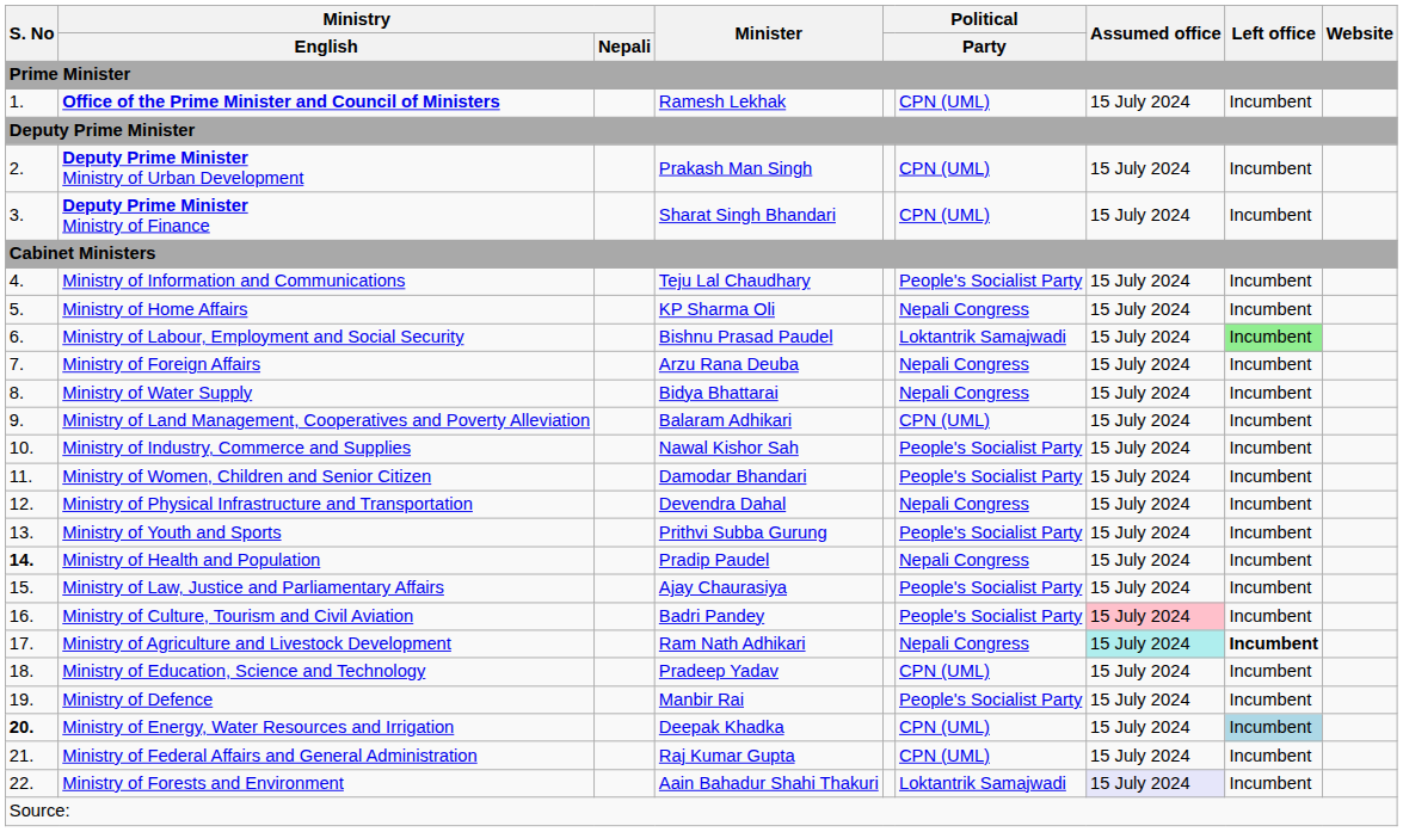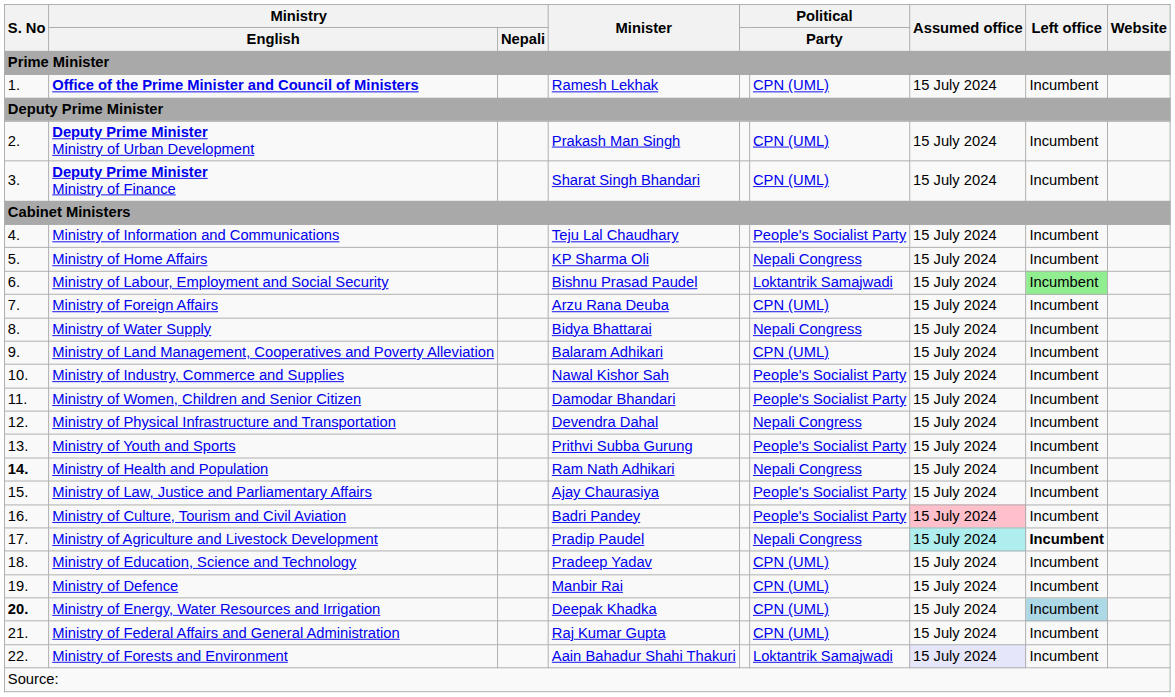 <table class="wikitable mw-collapsible">
 <tr>
 <th rowspan=2>S. No</th>
 <th colspan=2>Ministry</th>
 <th rowspan=2>Minister</th>
 <th colspan="2">Political</th>
 <th rowspan=2>Assumed office</th>
 <th rowspan=2>Left office</th>
 <th rowspan=2>Website</th>
 </tr>
 <tr>
 <th>English</th>
 <th>Nepali</th>
 <th colspan=2>Party</th>
 </tr>
 <tr>
 <td colspan="9" bgcolor="darkgrey"><strong>Prime Minister</strong></td>
 </tr>
 <tr>
 <td>1.</td>
 <td><strong><a href='#'>Office of the Prime Minister and Council of Ministers</a></strong></td>
 <td></td>
 <td><a href='#'>Ramesh Lekhak</a></td>
 <td width="4px"></td>
 <td><a href='#'>CPN (UML)</a></td>
 <td>15 July 2024</td>
 <td>Incumbent</td>
 <td></td>
 </tr>
 <tr>
 <td colspan="9" bgcolor="darkgrey"><strong>Deputy Prime Minister</strong></td>
 </tr>
 <tr>
 <td>2.</td>
 <td><strong><a href='#'>Deputy Prime Minister</a></strong><br><a href='#'>Ministry of Urban Development</a></td>
 <td></td>
 <td><a href='#'>Prakash Man Singh</a></td>
 <td width="4px"></td>
 <td><a href='#'>CPN (UML)</a></td>
 <td>15 July 2024</td>
 <td>Incumbent</td>
 <td></td>
 </tr>
 <tr>
 <td>3.</td>
 <td><strong><a href='#'>Deputy Prime Minister</a></strong><br><a href='#'>Ministry of Finance</a></td>
 <td></td>
 <td><a href='#'>Sharat Singh Bhandari</a></td>
 <td width="4px"></td>
 <td><a href='#'>CPN (UML)</a></td>
 <td>15 July 2024</td>
 <td>Incumbent</td>
 <td></td>
 </tr>
 <tr>
 <td colspan="9" bgcolor="darkgrey"><strong>Cabinet Ministers</strong></td>
 </tr>
 <tr>
 <td>4.</td>
 <td><a href='#'>Ministry of Information and Communications</a></td>
 <td></td>
 <td><a href='#'>Teju Lal Chaudhary</a></td>
 <td width="4px"></td>
 <td><a href='#'>People's Socialist Party</a></td>
 <td>15 July 2024</td>
 <td>Incumbent</td>
 <td></td>
 </tr>
 <tr>
 <td>5.</td>
 <td><a href='#'>Ministry of Home Affairs</a></td>
 <td></td>
 <td><a href='#'>KP Sharma Oli</a></td>
 <td width="4px"></td>
 <td><a href='#'>Nepali Congress</a></td>
 <td>15 July 2024</td>
 <td>Incumbent</td>
 <td></td>
 </tr>
 <tr>
 <td>6.</td>
 <td><a href='#'>Ministry of Labour, Employment and Social Security</a></td>
 <td></td>
 <td><a href='#'>Bishnu Prasad Paudel</a></td>
 <td width="4px"></td>
 <td><a href='#'>Loktantrik Samajwadi</a></td>
 <td>15 July 2024</td>
 <td style="background: lightgreen;">Incumbent</td>
 <td></td>
 </tr>
 <tr>
 <td>7.</td>
 <td><a href='#'>Ministry of Foreign Affairs</a></td>
 <td></td>
 <td><a href='#'>Arzu Rana Deuba</a></td>
 <td width="4px"></td>
-<td><a href='#'>Nepali Congress</a></td>
+<td><a href='#'>CPN (UML)</a></td>
 <td>15 July 2024</td>
 <td>Incumbent</td>
 <td></td>
 </tr>
 <tr>
 <td>8.</td>
 <td><a href='#'>Ministry of Water Supply</a></td>
 <td></td>
 <td><a href='#'>Bidya Bhattarai</a></td>
 <td></td>
 <td><a href='#'>Nepali Congress</a></td>
 <td>15 July 2024</td>
 <td>Incumbent</td>
 <td></td>
 </tr>
 <tr>
 <td>9.</td>
 <td><a href='#'>Ministry of Land Management, Cooperatives and Poverty Alleviation</a></td>
 <td></td>
 <td><a href='#'>Balaram Adhikari</a></td>
 <td width="4px"></td>
 <td><a href='#'>CPN (UML)</a></td>
 <td>15 July 2024</td>
 <td>Incumbent</td>
 <td></td>
 </tr>
 <tr>
 <td>10.</td>
 <td><a href='#'>Ministry of Industry, Commerce and Supplies</a></td>
 <td></td>
 <td><a href='#'>Nawal Kishor Sah</a></td>
 <td width="4px"></td>
 <td><a href='#'>People's Socialist Party</a></td>
 <td>15 July 2024</td>
 <td>Incumbent</td>
 <td></td>
 </tr>
 <tr>
 <td>11.</td>
 <td><a href='#'>Ministry of Women, Children and Senior Citizen</a></td>
 <td></td>
 <td><a href='#'>Damodar Bhandari</a></td>
 <td></td>
 <td><a href='#'>People's Socialist Party</a></td>
 <td>15 July 2024</td>
 <td>Incumbent</td>
 <td></td>
 </tr>
 <tr>
 <td>12.</td>
 <td><a href='#'>Ministry of Physical Infrastructure and Transportation</a></td>
 <td></td>
 <td><a href='#'>Devendra Dahal</a></td>
 <td width="4px"></td>
 <td><a href='#'>Nepali Congress</a></td>
 <td>15 July 2024</td>
 <td>Incumbent</td>
 <td></td>
 </tr>
 <tr>
 <td>13.</td>
 <td><a href='#'>Ministry of Youth and Sports</a></td>
 <td></td>
 <td><a href='#'>Prithvi Subba Gurung</a></td>
 <td width="4px"></td>
 <td><a href='#'>People's Socialist Party</a></td>
 <td>15 July 2024</td>
 <td>Incumbent</td>
 <td></td>
 </tr>
 <tr>
 <td><strong>14.</strong></td>
 <td><a href='#'>Ministry of Health and Population</a></td>
 <td></td>
-<td><a href='#'>Pradip Paudel</a></td>
+<td><a href='#'>Ram Nath Adhikari</a></td>
 <td width="4px"></td>
 <td><a href='#'>Nepali Congress</a></td>
 <td>15 July 2024</td>
 <td>Incumbent</td>
 <td></td>
 </tr>
 <tr>
 <td>15.</td>
 <td><a href='#'>Ministry of Law, Justice and Parliamentary Affairs</a></td>
 <td></td>
 <td><a href='#'>Ajay Chaurasiya</a></td>
 <td width="4px"></td>
 <td><a href='#'>People's Socialist Party</a></td>
 <td>15 July 2024</td>
 <td>Incumbent</td>
 <td></td>
 </tr>
 <tr>
 <td>16.</td>
 <td><a href='#'>Ministry of Culture, Tourism and Civil Aviation</a></td>
 <td></td>
 <td><a href='#'>Badri Pandey</a></td>
 <td width="4px"></td>
 <td><a href='#'>People's Socialist Party</a></td>
 <td style="background: pink;">15 July 2024</td>
 <td>Incumbent</td>
 <td></td>
 </tr>
 <tr>
 <td>17.</td>
 <td><a href='#'>Ministry of Agriculture and Livestock Development</a></td>
 <td></td>
-<td><a href='#'>Ram Nath Adhikari</a></td>
+<td><a href='#'>Pradip Paudel</a></td>
 <td width="4px"></td>
 <td><a href='#'>Nepali Congress</a></td>
 <td style="background: paleturquoise;">15 July 2024</td>
 <td><strong>Incumbent</strong></td>
 <td></td>
 </tr>
 <tr>
 <td>18.</td>
 <td><a href='#'>Ministry of Education, Science and Technology</a></td>
 <td></td>
 <td><a href='#'>Pradeep Yadav</a></td>
 <td width="4px"></td>
 <td><a href='#'>CPN (UML)</a></td>
 <td>15 July 2024</td>
 <td>Incumbent</td>
 <td></td>
 </tr>
 <tr>
 <td>19.</td>
 <td><a href='#'>Ministry of Defence</a></td>
 <td></td>
 <td><a href='#'>Manbir Rai</a></td>
 <td width="4px"></td>
-<td><a href='#'>People's Socialist Party</a></td>
+<td><a href='#'>CPN (UML)</a></td>
 <td>15 July 2024</td>
 <td>Incumbent</td>
 <td></td>
 </tr>
 <tr>
 <td><strong>20.</strong></td>
 <td><a href='#'>Ministry of Energy, Water Resources and Irrigation</a></td>
 <td></td>
 <td><a href='#'>Deepak Khadka</a></td>
 <td width="4px"></td>
 <td><a href='#'>CPN (UML)</a></td>
 <td>15 July 2024</td>
 <td style="background: lightblue;">Incumbent</td>
 <td></td>
 </tr>
 <tr>
 <td>21.</td>
 <td><a href='#'>Ministry of Federal Affairs and General Administration</a></td>
 <td></td>
 <td><a href='#'>Raj Kumar Gupta</a></td>
 <td width="4px"></td>
 <td><a href='#'>CPN (UML)</a></td>
 <td>15 July 2024</td>
 <td>Incumbent</td>
 <td></td>
 </tr>
 <tr>
 <td>22.</td>
 <td><a href='#'>Ministry of Forests and Environment</a></td>
 <td></td>
 <td><a href='#'>Aain Bahadur Shahi Thakuri</a></td>
 <td width="4px"></td>
 <td><a href='#'>Loktantrik Samajwadi</a></td>
 <td style="background: lavender;">15 July 2024</td>
 <td>Incumbent</td>
 <td></td>
 </tr>
 <tr>
 <td colspan="9">Source:</td>
 </tr>
 </table>
